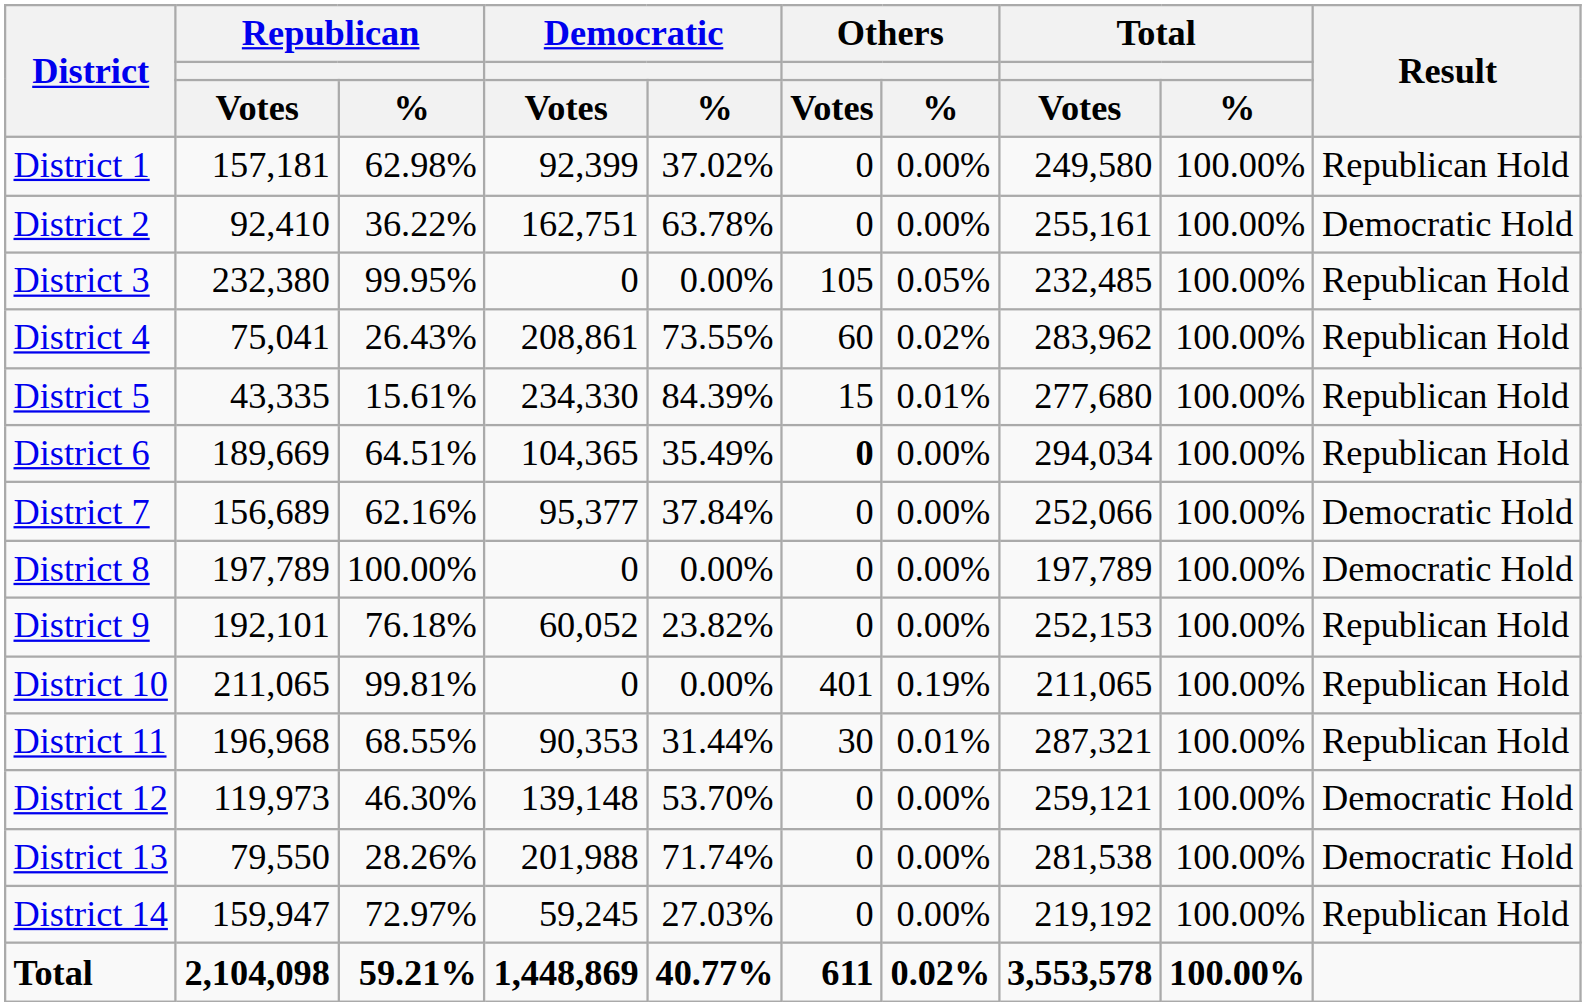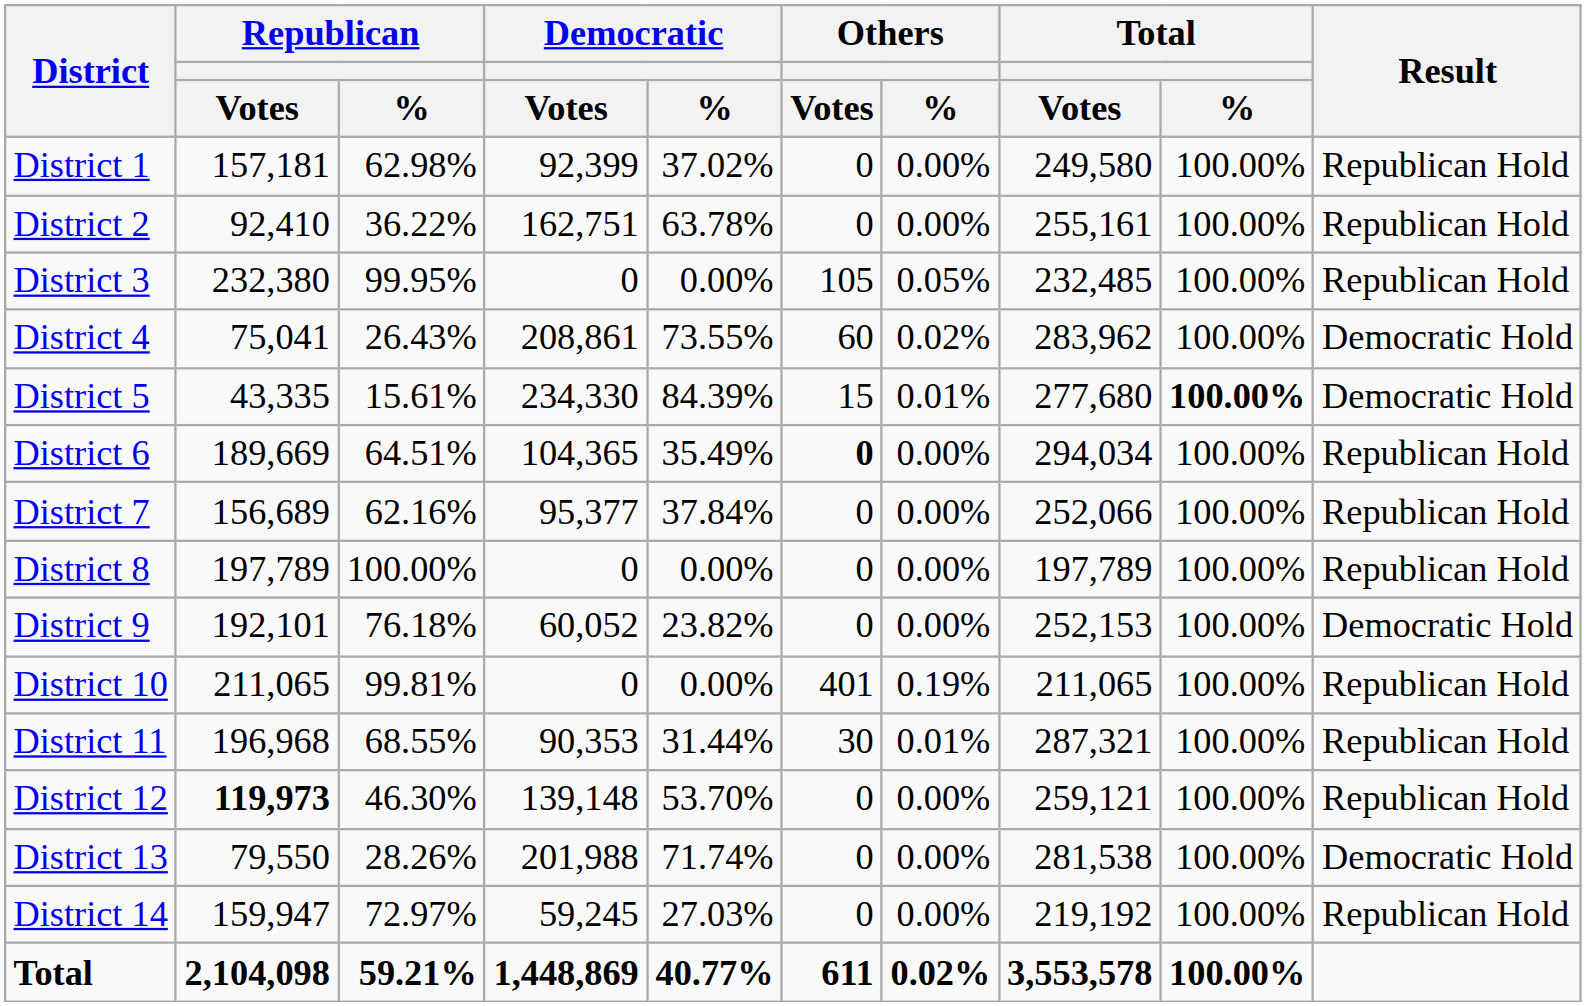 <table class="wikitable plainrowheaders sortable" style="font-size:100%; text-align:right;">
 <tr>
 <th scope=col rowspan=3><a href='#'>District</a></th>
 <th scope=col colspan=2><a href='#'>Republican</a></th>
 <th scope=col colspan=2><a href='#'>Democratic</a></th>
 <th scope=col colspan=2>Others</th>
 <th scope=col colspan=2>Total</th>
 <th scope=col rowspan=3>Result</th>
 </tr>
 <tr>
 <th scope=col colspan=2 style="background:"></th>
 <th scope=col colspan=2 style="background:"></th>
 <th scope=col colspan=2></th>
 <th scope=col colspan=2></th>
 </tr>
 <tr>
 <th scope=col data-sort-type="number">Votes</th>
 <th scope=col data-sort-type="number">%</th>
 <th scope=col data-sort-type="number">Votes</th>
 <th scope=col data-sort-type="number">%</th>
 <th scope=col data-sort-type="number">Votes</th>
 <th scope=col data-sort-type="number">%</th>
 <th scope=col data-sort-type="number">Votes</th>
 <th scope=col data-sort-type="number">%</th>
 </tr>
 <tr>
 <td align=left><a href='#'>District 1</a></td>
 <td>157,181</td>
 <td>62.98%</td>
 <td>92,399</td>
 <td>37.02%</td>
 <td>0</td>
 <td>0.00%</td>
 <td>249,580</td>
 <td>100.00%</td>
 <td align=left>Republican Hold</td>
 </tr>
 <tr>
 <td align=left><a href='#'>District 2</a></td>
 <td>92,410</td>
 <td>36.22%</td>
 <td>162,751</td>
 <td>63.78%</td>
 <td>0</td>
 <td>0.00%</td>
 <td>255,161</td>
 <td>100.00%</td>
-<td align=left>Democratic Hold</td>
+<td align=left>Republican Hold</td>
 </tr>
 <tr>
 <td align=left><a href='#'>District 3</a></td>
 <td>232,380</td>
 <td>99.95%</td>
 <td>0</td>
 <td>0.00%</td>
 <td>105</td>
 <td>0.05%</td>
 <td>232,485</td>
 <td>100.00%</td>
 <td align=left>Republican Hold</td>
 </tr>
 <tr>
 <td align=left><a href='#'>District 4</a></td>
 <td>75,041</td>
 <td>26.43%</td>
 <td>208,861</td>
 <td>73.55%</td>
 <td>60</td>
 <td>0.02%</td>
 <td>283,962</td>
 <td>100.00%</td>
-<td align=left>Republican Hold</td>
+<td align=left>Democratic Hold</td>
 </tr>
 <tr>
 <td align=left><a href='#'>District 5</a></td>
 <td>43,335</td>
 <td>15.61%</td>
 <td>234,330</td>
 <td>84.39%</td>
 <td>15</td>
 <td>0.01%</td>
 <td>277,680</td>
-<td>100.00%</td>
-<td align=left>Republican Hold</td>
+<td><strong>100.00%</strong></td>
+<td align=left>Democratic Hold</td>
 </tr>
 <tr>
 <td align=left><a href='#'>District 6</a></td>
 <td>189,669</td>
 <td>64.51%</td>
 <td>104,365</td>
 <td>35.49%</td>
 <td><strong>0</strong></td>
 <td>0.00%</td>
 <td>294,034</td>
 <td>100.00%</td>
 <td align=left>Republican Hold</td>
 </tr>
 <tr>
 <td align=left><a href='#'>District 7</a></td>
 <td>156,689</td>
 <td>62.16%</td>
 <td>95,377</td>
 <td>37.84%</td>
 <td>0</td>
 <td>0.00%</td>
 <td>252,066</td>
 <td>100.00%</td>
-<td align=left>Democratic Hold</td>
+<td align=left>Republican Hold</td>
 </tr>
 <tr>
 <td align=left><a href='#'>District 8</a></td>
 <td>197,789</td>
 <td>100.00%</td>
 <td>0</td>
 <td>0.00%</td>
 <td>0</td>
 <td>0.00%</td>
 <td>197,789</td>
 <td>100.00%</td>
-<td align=left>Democratic Hold</td>
+<td align=left>Republican Hold</td>
 </tr>
 <tr>
 <td align=left><a href='#'>District 9</a></td>
 <td>192,101</td>
 <td>76.18%</td>
 <td>60,052</td>
 <td>23.82%</td>
 <td>0</td>
 <td>0.00%</td>
 <td>252,153</td>
 <td>100.00%</td>
-<td align=left>Republican Hold</td>
+<td align=left>Democratic Hold</td>
 </tr>
 <tr>
 <td align=left><a href='#'>District 10</a></td>
 <td>211,065</td>
 <td>99.81%</td>
 <td>0</td>
 <td>0.00%</td>
 <td>401</td>
 <td>0.19%</td>
 <td>211,065</td>
 <td>100.00%</td>
 <td align=left>Republican Hold</td>
 </tr>
 <tr>
 <td align=left><a href='#'>District 11</a></td>
 <td>196,968</td>
 <td>68.55%</td>
 <td>90,353</td>
 <td>31.44%</td>
 <td>30</td>
 <td>0.01%</td>
 <td>287,321</td>
 <td>100.00%</td>
 <td align=left>Republican Hold</td>
 </tr>
 <tr>
 <td align=left><a href='#'>District 12</a></td>
-<td>119,973</td>
+<td><strong>119,973</strong></td>
 <td>46.30%</td>
 <td>139,148</td>
 <td>53.70%</td>
 <td>0</td>
 <td>0.00%</td>
 <td>259,121</td>
 <td>100.00%</td>
-<td align=left>Democratic Hold</td>
+<td align=left>Republican Hold</td>
 </tr>
 <tr>
 <td align=left><a href='#'>District 13</a></td>
 <td>79,550</td>
 <td>28.26%</td>
 <td>201,988</td>
 <td>71.74%</td>
 <td>0</td>
 <td>0.00%</td>
 <td>281,538</td>
 <td>100.00%</td>
 <td align=left>Democratic Hold</td>
 </tr>
 <tr>
 <td align=left><a href='#'>District 14</a></td>
 <td>159,947</td>
 <td>72.97%</td>
 <td>59,245</td>
 <td>27.03%</td>
 <td>0</td>
 <td>0.00%</td>
 <td>219,192</td>
 <td>100.00%</td>
 <td align=left>Republican Hold</td>
 </tr>
 <tr class="sortbottom" style="font-weight:bold">
 <td align=left>Total</td>
 <td>2,104,098</td>
 <td>59.21%</td>
 <td>1,448,869</td>
 <td>40.77%</td>
 <td>611</td>
 <td>0.02%</td>
 <td>3,553,578</td>
 <td>100.00%</td>
 <td></td>
 </tr>
 </table>
